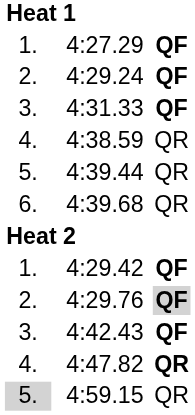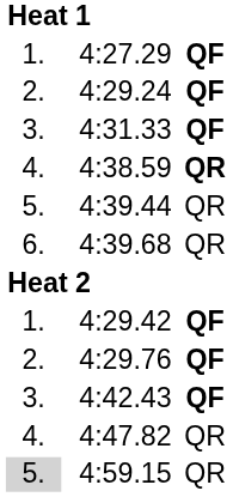 <table style="text-align:center">
 <tr>
 <td colspan=4 align=left><strong>Heat 1</strong></td>
 </tr>
 <tr>
 <td width=30>1.</td>
 <td align=left></td>
 <td width=60>4:27.29</td>
 <td><strong>QF</strong></td>
 </tr>
 <tr>
 <td>2.</td>
 <td align=left></td>
 <td>4:29.24</td>
 <td><strong>QF</strong></td>
 </tr>
 <tr>
 <td>3.</td>
 <td align=left></td>
 <td>4:31.33</td>
 <td><strong>QF</strong></td>
 </tr>
 <tr>
 <td>4.</td>
 <td align=left></td>
 <td>4:38.59</td>
-<td>QR</td>
+<td><strong>QR</strong></td>
 </tr>
 <tr>
 <td>5.</td>
 <td align=left></td>
 <td>4:39.44</td>
 <td>QR</td>
 </tr>
 <tr>
 <td>6.</td>
 <td align=left></td>
 <td>4:39.68</td>
 <td>QR</td>
 </tr>
 <tr>
 <td colspan=4 align=left><strong>Heat 2</strong></td>
 </tr>
 <tr>
 <td>1.</td>
 <td align=left></td>
 <td>4:29.42</td>
 <td><strong>QF</strong></td>
 </tr>
 <tr>
 <td>2.</td>
 <td align=left></td>
 <td>4:29.76</td>
-<td style="background: lightgrey;"><strong>QF</strong></td>
+<td><strong>QF</strong></td>
 </tr>
 <tr>
 <td>3.</td>
 <td align=left></td>
 <td>4:42.43</td>
 <td><strong>QF</strong></td>
 </tr>
 <tr>
 <td>4.</td>
 <td align=left></td>
 <td>4:47.82</td>
-<td><strong>QR</strong></td>
+<td>QR</td>
 </tr>
 <tr>
 <td style="background: lightgrey;">5.</td>
 <td align=left></td>
 <td>4:59.15</td>
 <td>QR</td>
 </tr>
 </table>
